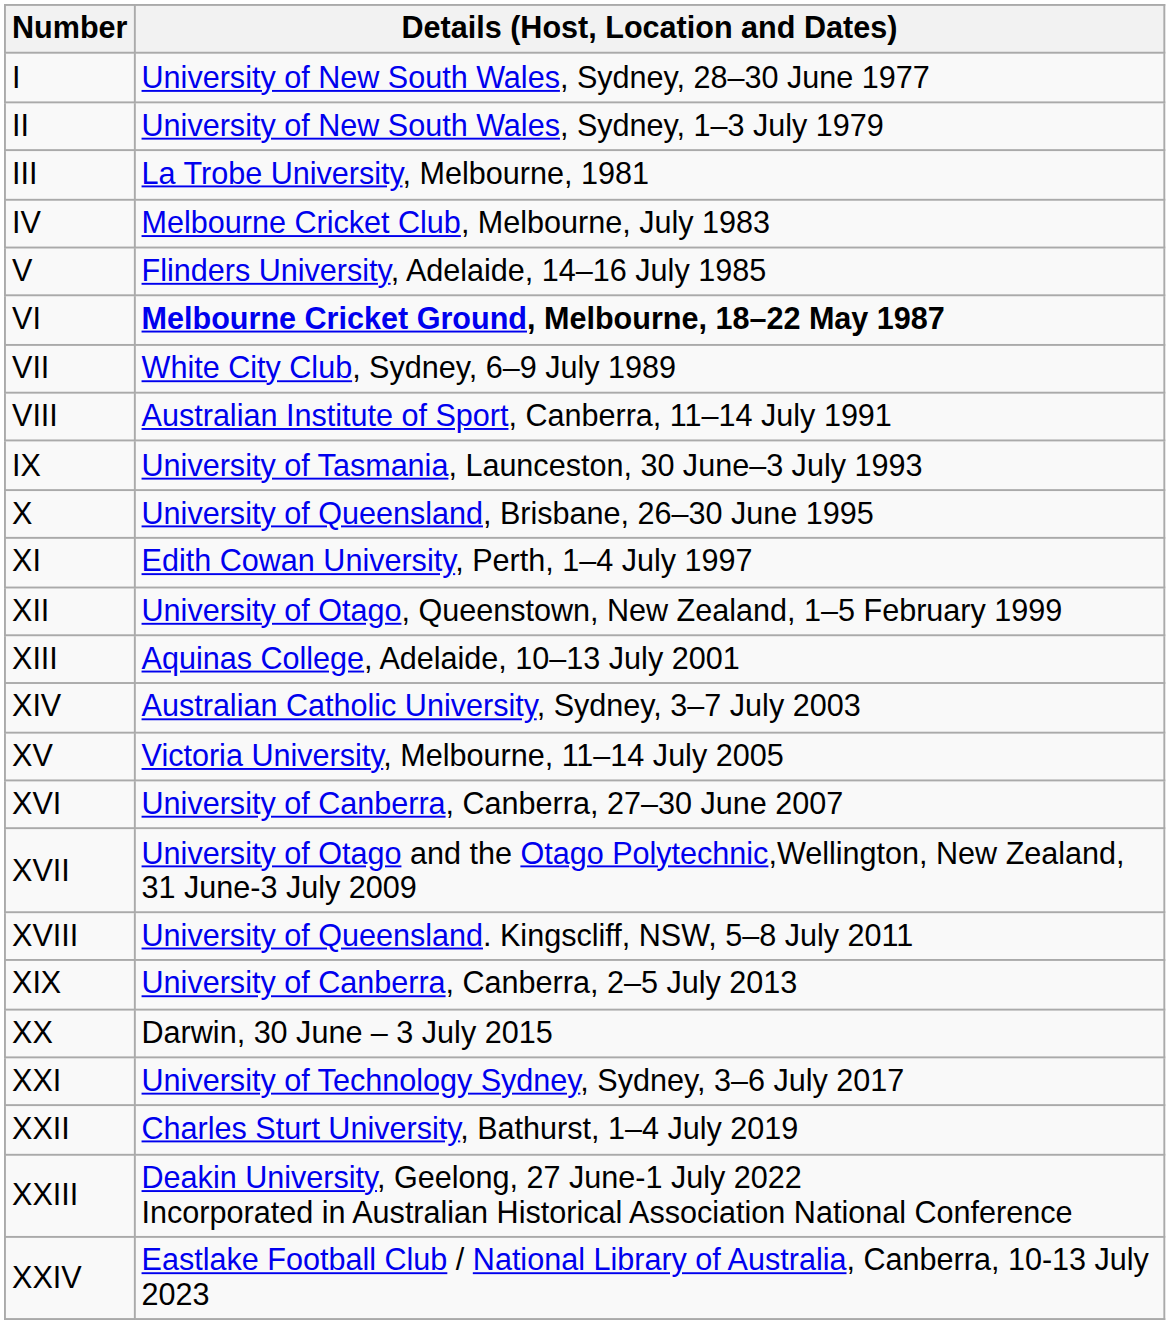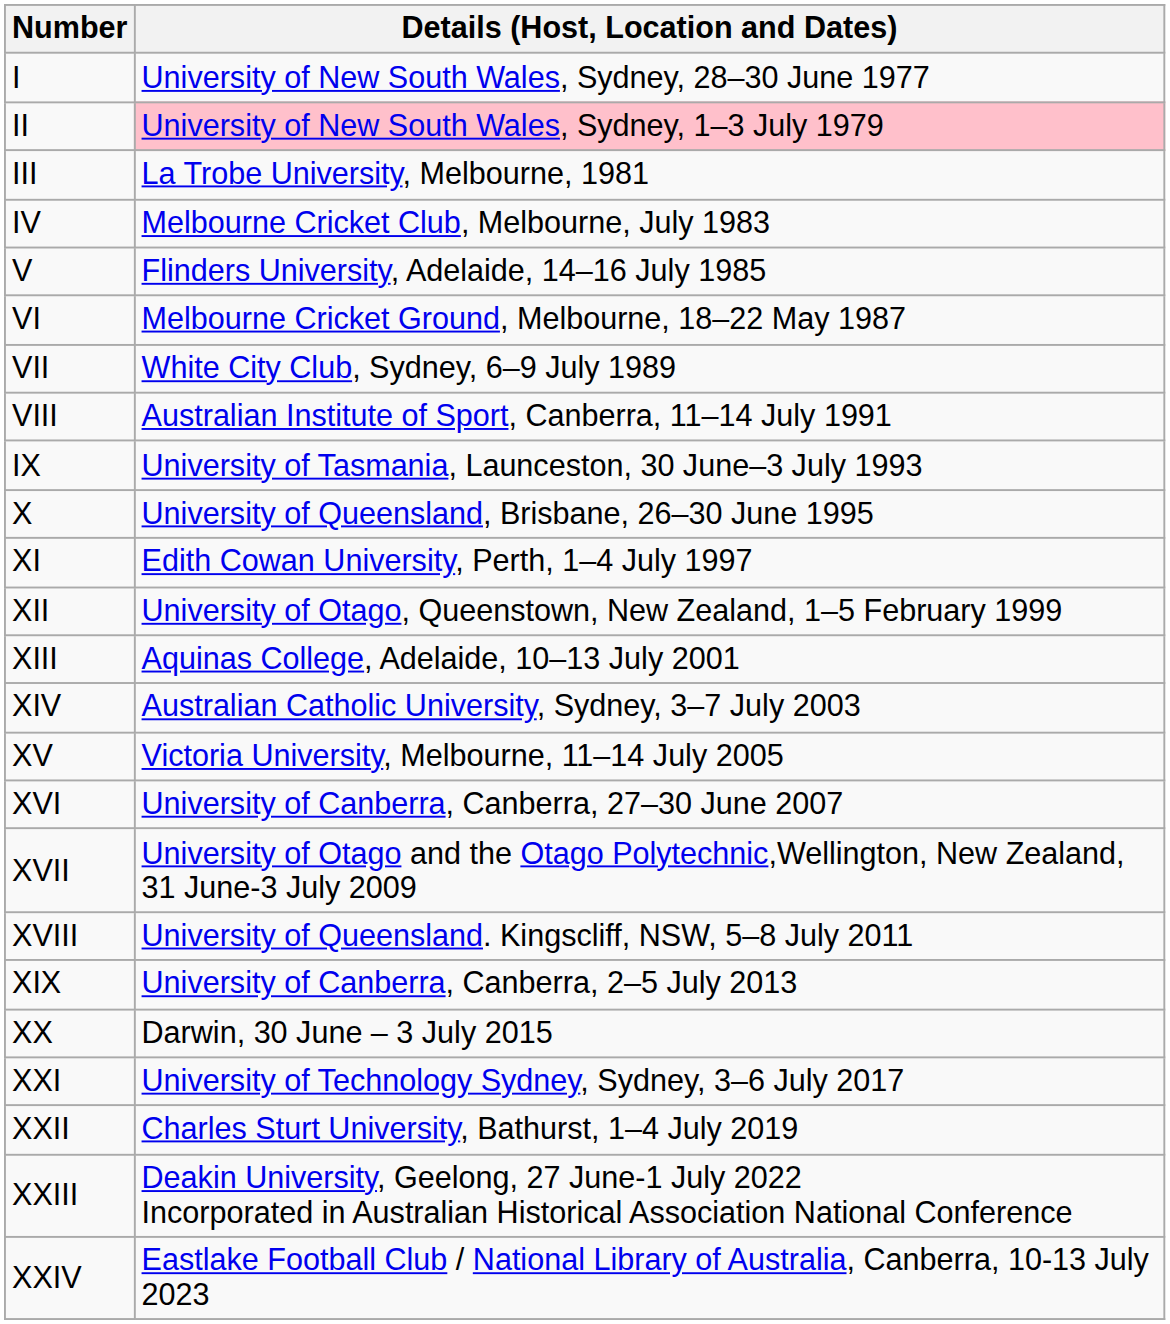 <table class="wikitable">
 <tr>
 <th Width="50">Number</th>
 <th>Details (Host, Location and Dates)</th>
 </tr>
 <tr>
 <td>I</td>
 <td><a href='#'>University of New South Wales</a>, Sydney, 28–30 June 1977</td>
 </tr>
 <tr>
 <td>II</td>
-<td><a href='#'>University of New South Wales</a>, Sydney, 1–3 July 1979</td>
+<td style="background: pink;"><a href='#'>University of New South Wales</a>, Sydney, 1–3 July 1979</td>
 </tr>
 <tr>
 <td>III</td>
 <td><a href='#'>La Trobe University</a>, Melbourne, 1981</td>
 </tr>
 <tr>
 <td>IV</td>
 <td><a href='#'>Melbourne Cricket Club</a>, Melbourne, July 1983</td>
 </tr>
 <tr>
 <td>V</td>
 <td><a href='#'>Flinders University</a>, Adelaide, 14–16 July 1985</td>
 </tr>
 <tr>
 <td>VI</td>
-<td><strong><a href='#'>Melbourne Cricket Ground</a>, Melbourne, 18–22 May 1987</strong></td>
+<td><a href='#'>Melbourne Cricket Ground</a>, Melbourne, 18–22 May 1987</td>
 </tr>
 <tr>
 <td>VII</td>
 <td><a href='#'>White City Club</a>, Sydney, 6–9 July 1989</td>
 </tr>
 <tr>
 <td>VIII</td>
 <td><a href='#'>Australian Institute of Sport</a>, Canberra, 11–14 July 1991</td>
 </tr>
 <tr>
 <td>IX</td>
 <td><a href='#'>University of Tasmania</a>, Launceston, 30 June–3 July 1993</td>
 </tr>
 <tr>
 <td>X</td>
 <td><a href='#'>University of Queensland</a>, Brisbane, 26–30 June 1995</td>
 </tr>
 <tr>
 <td>XI</td>
 <td><a href='#'>Edith Cowan University</a>, Perth, 1–4 July 1997</td>
 </tr>
 <tr>
 <td>XII</td>
 <td><a href='#'>University of Otago</a>, Queenstown, New Zealand, 1–5 February 1999</td>
 </tr>
 <tr>
 <td>XIII</td>
 <td><a href='#'>Aquinas College</a>, Adelaide, 10–13 July 2001</td>
 </tr>
 <tr>
 <td>XIV</td>
 <td><a href='#'>Australian Catholic University</a>, Sydney, 3–7 July 2003</td>
 </tr>
 <tr>
 <td>XV</td>
 <td><a href='#'>Victoria University</a>, Melbourne, 11–14 July 2005</td>
 </tr>
 <tr>
 <td>XVI</td>
 <td><a href='#'>University of Canberra</a>, Canberra, 27–30 June 2007</td>
 </tr>
 <tr>
 <td>XVII</td>
 <td><a href='#'>University of Otago</a> and the <a href='#'>Otago Polytechnic</a>,Wellington, New Zealand, 31 June-3 July 2009</td>
 </tr>
 <tr>
 <td>XVIII</td>
 <td><a href='#'>University of Queensland</a>. Kingscliff, NSW, 5–8 July 2011</td>
 </tr>
 <tr>
 <td>XIX</td>
 <td><a href='#'>University of Canberra</a>, Canberra, 2–5 July 2013</td>
 </tr>
 <tr>
 <td>XX</td>
 <td>Darwin, 30 June – 3 July 2015</td>
 </tr>
 <tr>
 <td>XXI</td>
 <td><a href='#'>University of Technology Sydney</a>, Sydney, 3–6 July 2017</td>
 </tr>
 <tr>
 <td>XXII</td>
 <td><a href='#'>Charles Sturt University</a>, Bathurst, 1–4 July 2019</td>
 </tr>
 <tr>
 <td>XXIII</td>
 <td><a href='#'>Deakin University</a>, Geelong, 27 June-1 July 2022 <br>Incorporated in Australian Historical Association National Conference</td>
 </tr>
 <tr>
 <td>XXIV</td>
 <td><a href='#'>Eastlake Football Club</a> / <a href='#'>National Library of Australia</a>, Canberra, 10-13 July 2023</td>
 </tr>
 </table>
